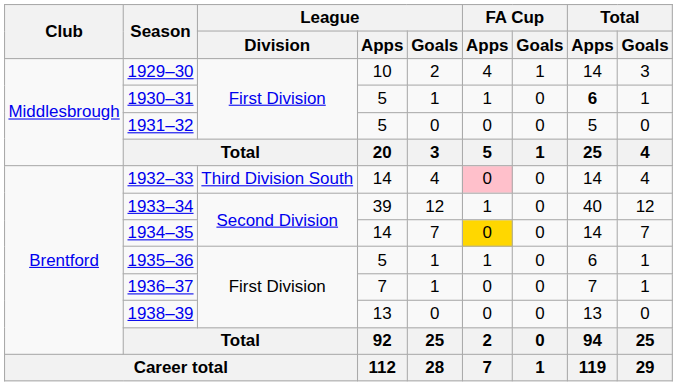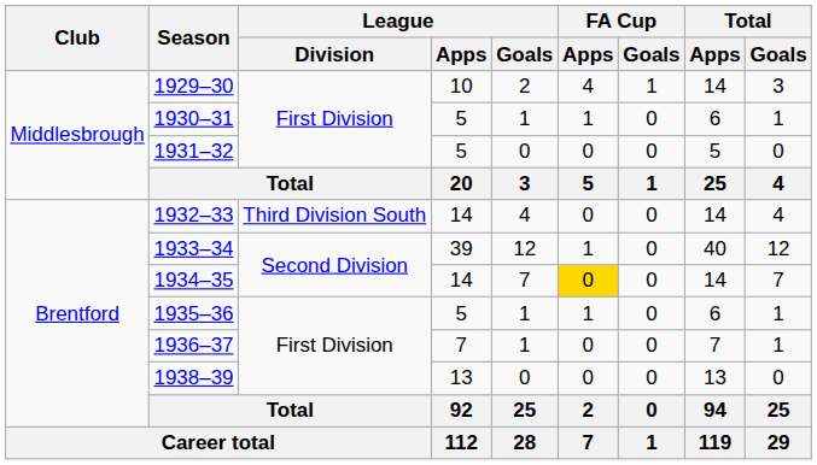 <table class="wikitable" style="text-align: center;">
 <tr>
 <th rowspan="2">Club</th>
 <th rowspan="2">Season</th>
 <th colspan="3">League</th>
 <th colspan="2">FA Cup</th>
 <th colspan="2">Total</th>
 </tr>
 <tr>
 <th>Division</th>
 <th>Apps</th>
 <th>Goals</th>
 <th>Apps</th>
 <th>Goals</th>
 <th>Apps</th>
 <th>Goals</th>
 </tr>
 <tr>
 <td rowspan="4"><a href='#'>Middlesbrough</a></td>
 <td><a href='#'>1929–30</a></td>
 <td rowspan="3"><a href='#'>First Division</a></td>
 <td>10</td>
 <td>2</td>
 <td>4</td>
 <td>1</td>
 <td>14</td>
 <td>3</td>
 </tr>
 <tr>
 <td><a href='#'>1930–31</a></td>
 <td>5</td>
 <td>1</td>
 <td>1</td>
 <td>0</td>
-<td><strong>6</strong></td>
+<td>6</td>
 <td>1</td>
 </tr>
 <tr>
 <td><a href='#'>1931–32</a></td>
 <td>5</td>
 <td>0</td>
 <td>0</td>
 <td>0</td>
 <td>5</td>
 <td>0</td>
 </tr>
 <tr>
 <th colspan="2">Total</th>
 <th>20</th>
 <th>3</th>
 <th>5</th>
 <th>1</th>
 <th>25</th>
 <th>4</th>
 </tr>
 <tr>
 <td rowspan="7"><a href='#'>Brentford</a></td>
 <td><a href='#'>1932–33</a></td>
 <td><a href='#'>Third Division South</a></td>
 <td>14</td>
 <td>4</td>
-<td style="background: pink;">0</td>
+<td>0</td>
 <td>0</td>
 <td>14</td>
 <td>4</td>
 </tr>
 <tr>
 <td><a href='#'>1933–34</a></td>
 <td rowspan="2"><a href='#'>Second Division</a></td>
 <td>39</td>
 <td>12</td>
 <td>1</td>
 <td>0</td>
 <td>40</td>
 <td>12</td>
 </tr>
 <tr>
 <td><a href='#'>1934–35</a></td>
 <td>14</td>
 <td>7</td>
 <td style="background: gold;">0</td>
 <td>0</td>
 <td>14</td>
 <td>7</td>
 </tr>
 <tr>
 <td><a href='#'>1935–36</a></td>
 <td rowspan="3">First Division</td>
 <td>5</td>
 <td>1</td>
 <td>1</td>
 <td>0</td>
 <td>6</td>
 <td>1</td>
 </tr>
 <tr>
 <td><a href='#'>1936–37</a></td>
 <td>7</td>
 <td>1</td>
 <td>0</td>
 <td>0</td>
 <td>7</td>
 <td>1</td>
 </tr>
 <tr>
 <td><a href='#'>1938–39</a></td>
 <td>13</td>
 <td>0</td>
 <td>0</td>
 <td>0</td>
 <td>13</td>
 <td>0</td>
 </tr>
 <tr>
 <th colspan="2">Total</th>
 <th>92</th>
 <th>25</th>
 <th>2</th>
 <th>0</th>
 <th>94</th>
 <th>25</th>
 </tr>
 <tr>
 <th colspan="3">Career total</th>
 <th>112</th>
 <th>28</th>
 <th>7</th>
 <th>1</th>
 <th>119</th>
 <th>29</th>
 </tr>
 </table>
